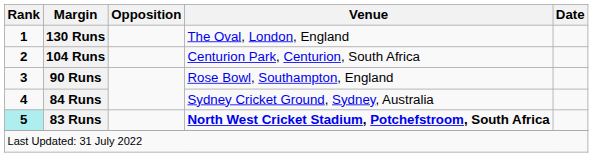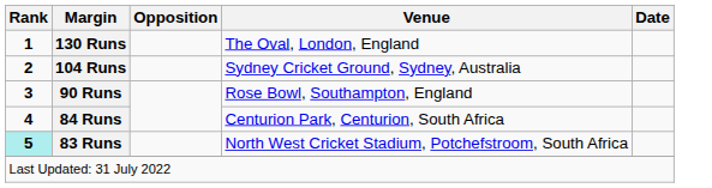 <table class="wikitable plainrowheaders sortable">
 <tr>
 <th scope=col>Rank</th>
 <th scope=col>Margin</th>
 <th scope=col>Opposition</th>
 <th scope=col>Venue</th>
 <th scope=col>Date</th>
 </tr>
 <tr>
 <td align=center><strong>1</strong></td>
 <th scope=row style=text-align:center;>130 Runs</th>
 <td></td>
 <td><a href='#'>The Oval</a>, <a href='#'>London</a>, England</td>
 <td> </td>
 </tr>
 <tr>
 <td align=center><strong>2</strong></td>
 <th scope=row style=text-align:center;>104 Runs</th>
 <td></td>
-<td><a href='#'>Centurion Park</a>, <a href='#'>Centurion</a>, South Africa</td>
+<td><a href='#'>Sydney Cricket Ground</a>, <a href='#'>Sydney</a>, Australia</td>
 <td> </td>
 </tr>
 <tr>
 <td align=center><strong>3</strong></td>
 <th scope=row style=text-align:center;>90 Runs</th>
 <td rowspan=2></td>
 <td><a href='#'>Rose Bowl</a>, <a href='#'>Southampton</a>, England</td>
 <td></td>
 </tr>
 <tr>
 <td align=center><strong>4</strong></td>
 <th scope=row style=text-align:center;>84 Runs</th>
-<td><a href='#'>Sydney Cricket Ground</a>, <a href='#'>Sydney</a>, Australia</td>
+<td><a href='#'>Centurion Park</a>, <a href='#'>Centurion</a>, South Africa</td>
 <td></td>
 </tr>
 <tr>
 <td align=center style="background: paleturquoise;"><strong>5</strong></td>
 <th scope=row style=text-align:center;>83 Runs</th>
 <td></td>
-<td><strong><a href='#'>North West Cricket Stadium</a>, <a href='#'>Potchefstroom</a>, South Africa</strong></td>
+<td><a href='#'>North West Cricket Stadium</a>, <a href='#'>Potchefstroom</a>, South Africa</td>
 <td></td>
 </tr>
 <tr>
 </tr>
 <tr class=sortbottom>
 <td colspan=6><small>Last Updated: 31 July 2022</small></td>
 </tr>
 </table>
